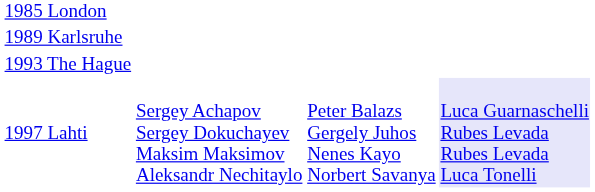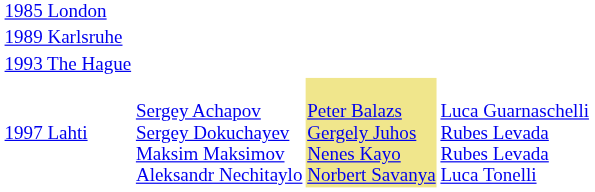 <table>
 <tr>
 <td><a href='#'>1985 London</a></td>
 <td></td>
 <td></td>
 <td></td>
 </tr>
 <tr>
 <td><a href='#'>1989 Karlsruhe</a></td>
 <td></td>
 <td></td>
 <td></td>
 </tr>
 <tr>
 <td><a href='#'>1993 The Hague</a></td>
 <td></td>
 <td></td>
 <td></td>
 </tr>
 <tr>
 <td><a href='#'>1997 Lahti</a></td>
 <td><br><a href='#'>Sergey Achapov</a><br><a href='#'>Sergey Dokuchayev</a><br><a href='#'>Maksim Maksimov</a><br><a href='#'>Aleksandr Nechitaylo</a></td>
-<td><br><a href='#'>Peter Balazs</a><br><a href='#'>Gergely Juhos</a><br><a href='#'>Nenes Kayo</a><br><a href='#'>Norbert Savanya</a></td>
-<td style="background: lavender;"><br><a href='#'>Luca Guarnaschelli</a><br><a href='#'>Rubes Levada</a><br><a href='#'>Rubes Levada</a><br><a href='#'>Luca Tonelli</a></td>
+<td style="background: khaki;"><br><a href='#'>Peter Balazs</a><br><a href='#'>Gergely Juhos</a><br><a href='#'>Nenes Kayo</a><br><a href='#'>Norbert Savanya</a></td>
+<td><br><a href='#'>Luca Guarnaschelli</a><br><a href='#'>Rubes Levada</a><br><a href='#'>Rubes Levada</a><br><a href='#'>Luca Tonelli</a></td>
 </tr>
 </table>
